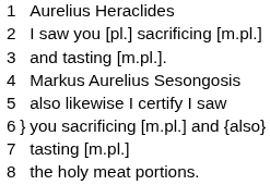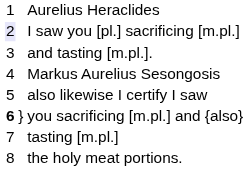 <table>
 <tr>
 <td>1</td>
 <td></td>
 <td>Aurelius Heraclides</td>
 </tr>
 <tr>
-<td>2</td>
+<td style="background: lavender;">2</td>
 <td></td>
 <td>I saw you [pl.] sacrificing [m.pl.]</td>
 </tr>
 <tr>
 <td>3</td>
 <td></td>
 <td>and tasting [m.pl.].</td>
 </tr>
 <tr>
 <td>4</td>
 <td></td>
 <td>Markus Aurelius Sesongosis</td>
 </tr>
 <tr>
 <td>5</td>
 <td></td>
 <td>also likewise I certify I saw</td>
 </tr>
 <tr>
-<td>6</td>
+<td><strong>6</strong></td>
 <td>}</td>
 <td>you sacrificing [m.pl.] and {also}</td>
 </tr>
 <tr>
 <td>7</td>
 <td></td>
 <td>tasting [m.pl.]</td>
 </tr>
 <tr>
 <td>8</td>
 <td></td>
 <td>the holy meat portions.</td>
 </tr>
 <tr>
 </tr>
 </table>
